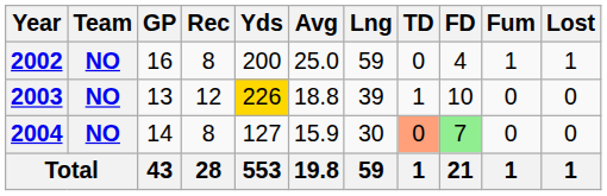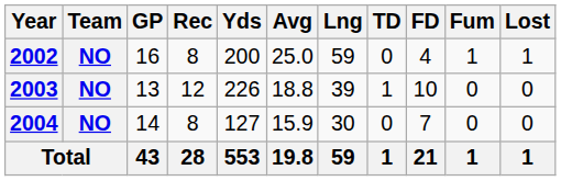 <table class="wikitable" style="text-align: center;">
 <tr>
 <th>Year</th>
 <th>Team</th>
 <th>GP</th>
 <th>Rec</th>
 <th>Yds</th>
 <th>Avg</th>
 <th>Lng</th>
 <th>TD</th>
 <th>FD</th>
 <th>Fum</th>
 <th>Lost</th>
 </tr>
 <tr>
 <th><a href='#'>2002</a></th>
 <th><a href='#'>NO</a></th>
 <td>16</td>
 <td>8</td>
 <td>200</td>
 <td>25.0</td>
 <td>59</td>
 <td>0</td>
 <td>4</td>
 <td>1</td>
 <td>1</td>
 </tr>
 <tr>
 <th><a href='#'>2003</a></th>
 <th><a href='#'>NO</a></th>
 <td>13</td>
 <td>12</td>
-<td style="background: gold;">226</td>
+<td>226</td>
 <td>18.8</td>
 <td>39</td>
 <td>1</td>
 <td>10</td>
 <td>0</td>
 <td>0</td>
 </tr>
 <tr>
 <th><a href='#'>2004</a></th>
 <th><a href='#'>NO</a></th>
 <td>14</td>
 <td>8</td>
 <td>127</td>
 <td>15.9</td>
 <td>30</td>
-<td style="background: lightsalmon;">0</td>
-<td style="background: lightgreen;">7</td>
+<td>0</td>
+<td>7</td>
 <td>0</td>
 <td>0</td>
 </tr>
 <tr>
 <th colspan="2">Total</th>
 <th>43</th>
 <th>28</th>
 <th>553</th>
 <th>19.8</th>
 <th>59</th>
 <th>1</th>
 <th>21</th>
 <th>1</th>
 <th>1</th>
 </tr>
 </table>
